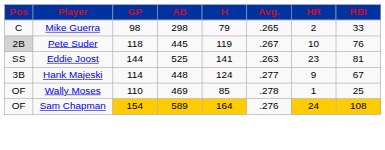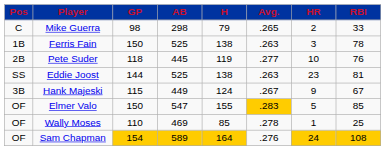 <table class="wikitable sortable">
 <tr>
 <th style="background:#0033A0;color:#C8102E;" width="5%">Pos</th>
 <th style="background:#0033A0;color:#C8102E;" width="16%">Player</th>
 <th style="background:#0033A0;color:#C8102E;" width="9%">GP</th>
 <th style="background:#0033A0;color:#C8102E;" width="9%">AB</th>
 <th style="background:#0033A0;color:#C8102E;" width="9%">H</th>
 <th style="background:#0033A0;color:#C8102E;" width="9%">Avg.</th>
 <th style="background:#0033A0;color:#C8102E;" width="9%">HR</th>
 <th style="background:#0033A0;color:#C8102E;" width="9%">RBI</th>
 </tr>
 <tr align="center">
 <td>C</td>
 <td><a href='#'>Mike Guerra</a></td>
 <td>98</td>
 <td>298</td>
 <td>79</td>
 <td>.265</td>
 <td>2</td>
 <td>33</td>
 </tr>
 <tr align="center">
-<td style="background: lightgrey;">2B</td>
+<td>1B</td>
+<td><a href='#'>Ferris Fain</a></td>
+<td>150</td>
+<td>525</td>
+<td>138</td>
+<td>.263</td>
+<td>3</td>
+<td>78</td>
+</tr>
+<tr align="center">
+<td>2B</td>
 <td><a href='#'>Pete Suder</a></td>
 <td>118</td>
 <td>445</td>
 <td>119</td>
-<td>.267</td>
+<td>.277</td>
 <td>10</td>
 <td>76</td>
 </tr>
 <tr align="center">
 <td>SS</td>
 <td><a href='#'>Eddie Joost</a></td>
 <td>144</td>
 <td>525</td>
-<td>141</td>
+<td>138</td>
 <td>.263</td>
 <td>23</td>
 <td>81</td>
 </tr>
 <tr align="center">
 <td>3B</td>
 <td><a href='#'>Hank Majeski</a></td>
-<td>114</td>
-<td>448</td>
+<td>115</td>
+<td>449</td>
 <td>124</td>
-<td>.277</td>
+<td>.267</td>
 <td>9</td>
 <td>67</td>
+</tr>
+<tr align="center">
+<td>OF</td>
+<td><a href='#'>Elmer Valo</a></td>
+<td>150</td>
+<td>547</td>
+<td>155</td>
+<td style="background:#fc0;">.283</td>
+<td>5</td>
+<td>85</td>
 </tr>
 <tr align="center">
 <td>OF</td>
 <td><a href='#'>Wally Moses</a></td>
 <td>110</td>
 <td>469</td>
 <td>85</td>
 <td>.278</td>
 <td>1</td>
 <td>25</td>
 </tr>
 <tr align="center">
 <td>OF</td>
 <td><a href='#'>Sam Chapman</a></td>
 <td style="background:#fc0;">154</td>
 <td style="background:#fc0;">589</td>
 <td style="background:#fc0;">164</td>
 <td>.276</td>
 <td style="background:#fc0;">24</td>
 <td style="background:#fc0;">108</td>
 </tr>
 </table>
